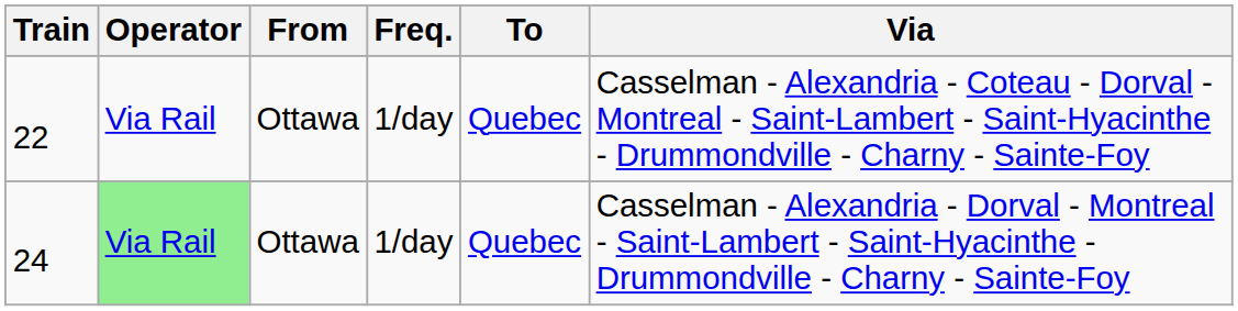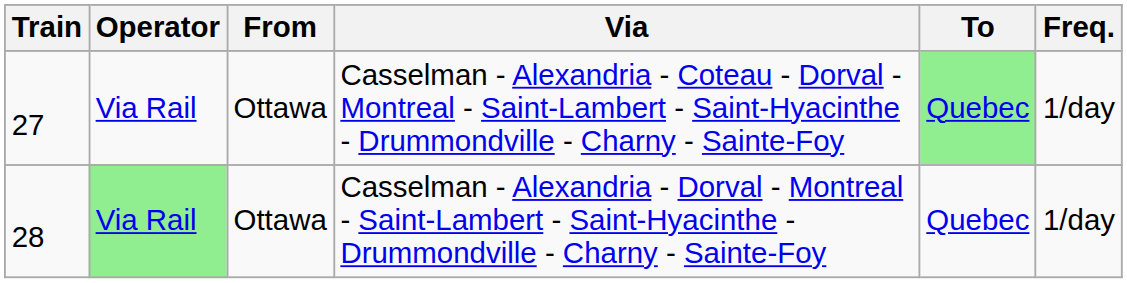 <table class="wikitable vatop">
 <tr>
 <th>Train</th>
 <th>Operator</th>
 <th>From</th>
+<th>Via</th>
+<th>To</th>
 <th>Freq.</th>
-<th>To</th>
-<th>Via</th>
 </tr>
 <tr>
-<td><br>22</td>
+<td><br>27</td>
 <td><a href='#'>Via Rail</a></td>
 <td>Ottawa</td>
+<td>Casselman - <a href='#'>Alexandria</a> - <a href='#'>Coteau</a> -   <a href='#'>Dorval</a> - <a href='#'>Montreal</a> - <a href='#'>Saint-Lambert</a> - <a href='#'>Saint-Hyacinthe</a> - <a href='#'>Drummondville</a> - <a href='#'>Charny</a> - <a href='#'>Sainte-Foy</a></td>
+<td style="background: lightgreen;"><a href='#'>Quebec</a></td>
 <td>1/day</td>
-<td><a href='#'>Quebec</a></td>
-<td>Casselman - <a href='#'>Alexandria</a> - <a href='#'>Coteau</a> -   <a href='#'>Dorval</a> - <a href='#'>Montreal</a> - <a href='#'>Saint-Lambert</a> - <a href='#'>Saint-Hyacinthe</a> - <a href='#'>Drummondville</a> - <a href='#'>Charny</a> - <a href='#'>Sainte-Foy</a></td>
 </tr>
 <tr>
-<td><br>24</td>
+<td><br>28</td>
 <td style="background: lightgreen;"><a href='#'>Via Rail</a></td>
 <td>Ottawa</td>
+<td>Casselman - <a href='#'>Alexandria</a> -  <a href='#'>Dorval</a> - <a href='#'>Montreal</a> - <a href='#'>Saint-Lambert</a> - <a href='#'>Saint-Hyacinthe</a> - <a href='#'>Drummondville</a> - <a href='#'>Charny</a> - <a href='#'>Sainte-Foy</a></td>
+<td><a href='#'>Quebec</a></td>
 <td>1/day</td>
-<td><a href='#'>Quebec</a></td>
-<td>Casselman - <a href='#'>Alexandria</a> -  <a href='#'>Dorval</a> - <a href='#'>Montreal</a> - <a href='#'>Saint-Lambert</a> - <a href='#'>Saint-Hyacinthe</a> - <a href='#'>Drummondville</a> - <a href='#'>Charny</a> - <a href='#'>Sainte-Foy</a></td>
 </tr>
 </table>
